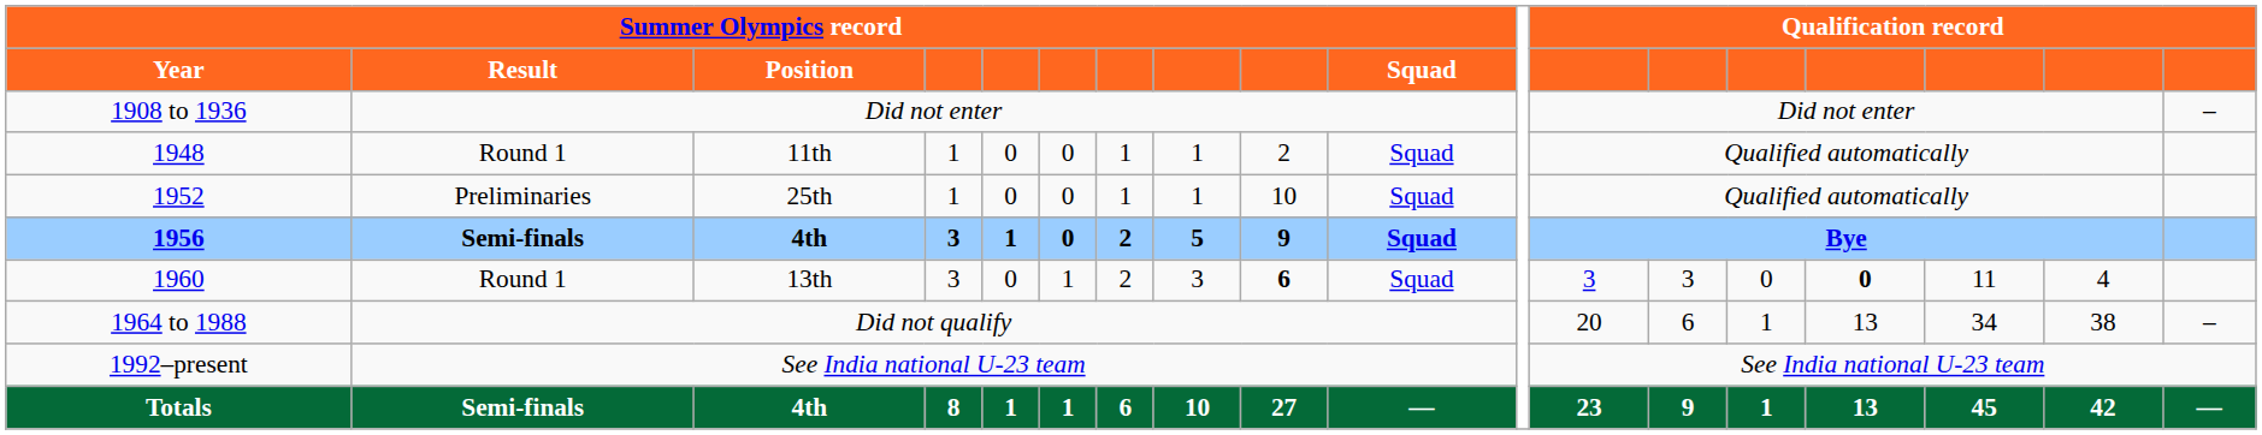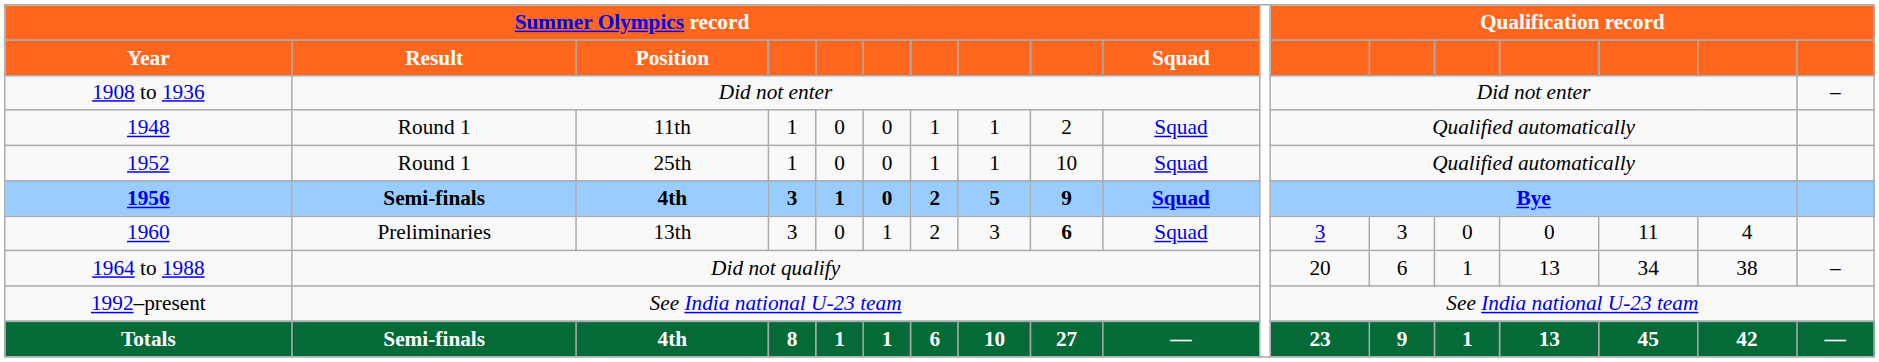 <table class="wikitable" style="font-size:90%; text-align:center;" width="100%" class="wikitable">
 <tr>
 <th colspan=10 style="background:#FF671F; color:white; "><a href='#'>Summer Olympics</a> record</th>
 <th width="1" rowspan=28 style="background:#FFFFFF; color:white"></th>
 <th colspan=7 style="background:#FF671F; color:white; ">Qualification record</th>
 </tr>
 <tr>
 <th style="background:#FF671F; color:white; ">Year</th>
 <th style="background:#FF671F; color:white; ">Result</th>
 <th style="background:#FF671F; color:white; ">Position</th>
 <th style="background:#FF671F; color:white; "></th>
 <th style="background:#FF671F; color:white; "></th>
 <th style="background:#FF671F; color:white; "></th>
 <th style="background:#FF671F; color:white; "></th>
 <th style="background:#FF671F; color:white; "></th>
 <th style="background:#FF671F; color:white; "></th>
 <th style="background:#FF671F; color:white; ">Squad</th>
 <th style="background:#FF671F; color:white; "></th>
 <th style="background:#FF671F; color:white; "></th>
 <th style="background:#FF671F; color:white; "></th>
 <th style="background:#FF671F; color:white; "></th>
 <th style="background:#FF671F; color:white; "></th>
 <th style="background:#FF671F; color:white; "></th>
 <th style="background:#FF671F; color:white; "></th>
 </tr>
 <tr>
 <td> <a href='#'>1908</a> to  <a href='#'>1936</a></td>
 <td colspan="9"><em>Did not enter</em></td>
 <td colspan="6"><em>Did not enter</em></td>
 <td>–</td>
 </tr>
 <tr>
 <td> <a href='#'>1948</a></td>
 <td>Round 1</td>
 <td>11th</td>
 <td>1</td>
 <td>0</td>
 <td>0</td>
 <td>1</td>
 <td>1</td>
 <td>2</td>
 <td><a href='#'>Squad</a></td>
 <td colspan=6><em>Qualified automatically</em></td>
 <td></td>
 </tr>
 <tr>
 <td> <a href='#'>1952</a></td>
-<td>Preliminaries</td>
+<td>Round 1</td>
 <td>25th</td>
 <td>1</td>
 <td>0</td>
 <td>0</td>
 <td>1</td>
 <td>1</td>
 <td>10</td>
 <td><a href='#'>Squad</a></td>
 <td colspan=6><em>Qualified automatically</em></td>
 <td></td>
 </tr>
 <tr style="background:#9acdff;">
 <td> <strong><a href='#'>1956</a></strong></td>
 <td><strong>Semi-finals</strong></td>
 <td><strong>4th</strong></td>
 <td><strong>3</strong></td>
 <td><strong>1</strong></td>
 <td><strong>0</strong></td>
 <td><strong>2</strong></td>
 <td><strong>5</strong></td>
 <td><strong>9</strong></td>
 <td><strong><a href='#'>Squad</a></strong></td>
 <td colspan=6><strong><a href='#'>Bye</a></strong></td>
 <td></td>
 </tr>
 <tr>
 <td> <a href='#'>1960</a></td>
-<td>Round 1</td>
+<td>Preliminaries</td>
 <td>13th</td>
 <td>3</td>
 <td>0</td>
 <td>1</td>
 <td>2</td>
 <td>3</td>
 <td><strong>6</strong></td>
 <td><a href='#'>Squad</a></td>
 <td><a href='#'>3</a></td>
 <td>3</td>
 <td>0</td>
-<td><strong>0</strong></td>
+<td>0</td>
 <td>11</td>
 <td>4</td>
 <td></td>
 </tr>
 <tr>
 <td> <a href='#'>1964</a> to  <a href='#'>1988</a></td>
 <td colspan="9"><em>Did not qualify</em></td>
 <td>20</td>
 <td>6</td>
 <td>1</td>
 <td>13</td>
 <td>34</td>
 <td>38</td>
 <td>–</td>
 </tr>
 <tr>
 <td> <a href='#'>1992</a>–present</td>
 <td colspan="9"><em>See <a href='#'>India national U-23 team</a></em></td>
 <td colspan="7"><em>See <a href='#'>India national U-23 team</a></em></td>
 </tr>
 <tr>
 <th style="background:#046A38; color:white; "><strong>Totals</strong></th>
 <th style="background:#046A38; color:white; ">Semi-finals</th>
 <th style="background:#046A38; color:white; ">4th</th>
 <th style="background:#046A38; color:white; ">8</th>
 <th style="background:#046A38; color:white; ">1</th>
 <th style="background:#046A38; color:white; ">1</th>
 <th style="background:#046A38; color:white; ">6</th>
 <th style="background:#046A38; color:white; ">10</th>
 <th style="background:#046A38; color:white; ">27</th>
 <th style="background:#046A38; color:white; ">—</th>
 <th style="background:#046A38; color:white; ">23</th>
 <th style="background:#046A38; color:white; ">9</th>
 <th style="background:#046A38; color:white; ">1</th>
 <th style="background:#046A38; color:white; ">13</th>
 <th style="background:#046A38; color:white; ">45</th>
 <th style="background:#046A38; color:white; ">42</th>
 <th style="background:#046A38; color:white; ">—</th>
 </tr>
 </table>
